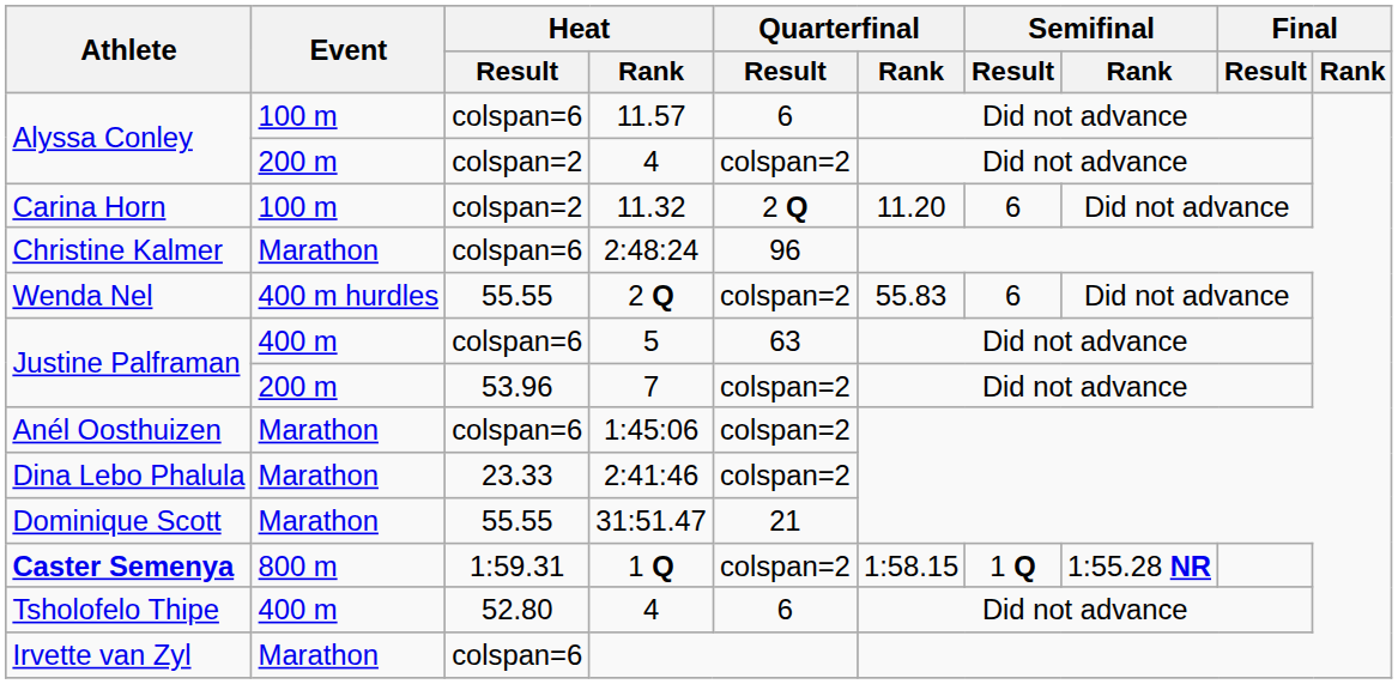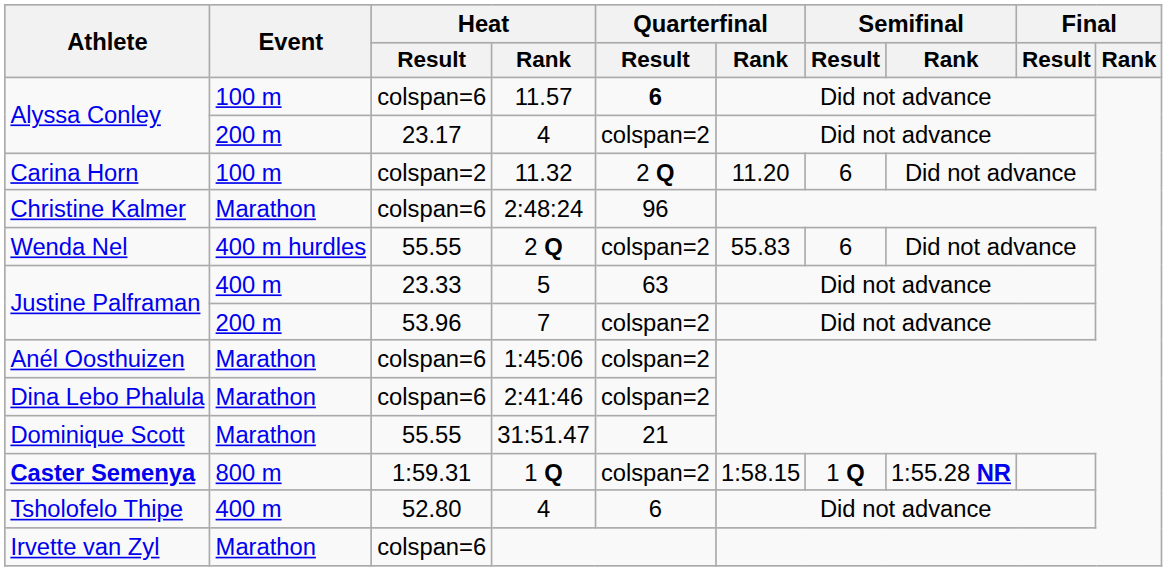 <table class="wikitable" style="font-size:90%">
 <tr>
 <th rowspan="2">Athlete</th>
 <th rowspan="2">Event</th>
 <th colspan="2">Heat</th>
 <th colspan="2">Quarterfinal</th>
 <th colspan="2">Semifinal</th>
 <th colspan="2">Final</th>
 </tr>
 <tr style="font-size:95%">
 <th>Result</th>
 <th>Rank</th>
 <th>Result</th>
 <th>Rank</th>
 <th>Result</th>
 <th>Rank</th>
 <th>Result</th>
 <th>Rank</th>
 </tr>
 <tr align=center>
 <td style="text-align:left;" rowspan="2"><a href='#'>Alyssa Conley</a></td>
 <td align=left><a href='#'>100 m</a></td>
 <td>colspan=6 </td>
 <td>11.57</td>
-<td>6</td>
+<td><strong>6</strong></td>
 <td colspan=4>Did not advance</td>
 </tr>
 <tr align=center>
 <td align=left><a href='#'>200 m</a></td>
-<td>colspan=2 </td>
+<td>23.17</td>
 <td>4</td>
 <td>colspan=2 </td>
 <td colspan=4>Did not advance</td>
 </tr>
 <tr align=center>
 <td align=left><a href='#'>Carina Horn</a></td>
 <td align=left><a href='#'>100 m</a></td>
 <td>colspan=2 </td>
 <td>11.32</td>
 <td>2 <strong>Q</strong></td>
 <td>11.20</td>
 <td>6</td>
 <td colspan=2>Did not advance</td>
 </tr>
 <tr align=center>
 <td align=left><a href='#'>Christine Kalmer</a></td>
 <td align=left><a href='#'>Marathon</a></td>
 <td>colspan=6 </td>
 <td>2:48:24</td>
 <td>96</td>
 </tr>
 <tr align=center>
 <td align=left><a href='#'>Wenda Nel</a></td>
 <td align=left><a href='#'>400 m hurdles</a></td>
 <td>55.55</td>
 <td>2 <strong>Q</strong></td>
 <td>colspan=2 </td>
 <td>55.83</td>
 <td>6</td>
 <td colspan=2>Did not advance</td>
 </tr>
 <tr align=center>
 <td style="text-align:left;" rowspan="2"><a href='#'>Justine Palframan</a></td>
 <td align=left><a href='#'>400 m</a></td>
-<td>colspan=6 </td>
+<td>23.33</td>
 <td>5</td>
 <td>63</td>
 <td colspan=4>Did not advance</td>
 </tr>
 <tr align=center>
 <td align=left><a href='#'>200 m</a></td>
 <td>53.96</td>
 <td>7</td>
 <td>colspan=2 </td>
 <td colspan=4>Did not advance</td>
 </tr>
 <tr align=center>
 <td align=left><a href='#'>Anél Oosthuizen</a></td>
 <td align=left><a href='#'>Marathon</a></td>
 <td>colspan=6 </td>
 <td>1:45:06</td>
 <td>colspan=2 </td>
 </tr>
 <tr align=center>
 <td align=left><a href='#'>Dina Lebo Phalula</a></td>
 <td align=left><a href='#'>Marathon</a></td>
-<td>23.33</td>
+<td>colspan=6 </td>
 <td>2:41:46</td>
 <td>colspan=2 </td>
 </tr>
 <tr align=center>
 <td align=left><a href='#'>Dominique Scott</a></td>
 <td align=left><a href='#'>Marathon</a></td>
 <td>55.55</td>
 <td>31:51.47</td>
 <td>21</td>
 </tr>
 <tr align=center>
 <td align=left><strong><a href='#'>Caster Semenya</a></strong></td>
 <td align=left><a href='#'>800 m</a></td>
 <td>1:59.31</td>
 <td>1 <strong>Q</strong></td>
 <td>colspan=2 </td>
 <td>1:58.15</td>
 <td>1 <strong>Q</strong></td>
 <td>1:55.28 <strong><a href='#'>NR</a></strong></td>
 <td></td>
 </tr>
 <tr align=center>
 <td align=left><a href='#'>Tsholofelo Thipe</a></td>
 <td align=left><a href='#'>400 m</a></td>
 <td>52.80</td>
 <td>4</td>
 <td>6</td>
 <td colspan=4>Did not advance</td>
 </tr>
 <tr align=center>
 <td align=left><a href='#'>Irvette van Zyl</a></td>
 <td align=left><a href='#'>Marathon</a></td>
 <td>colspan=6 </td>
 <td colspan=2></td>
 </tr>
 </table>
